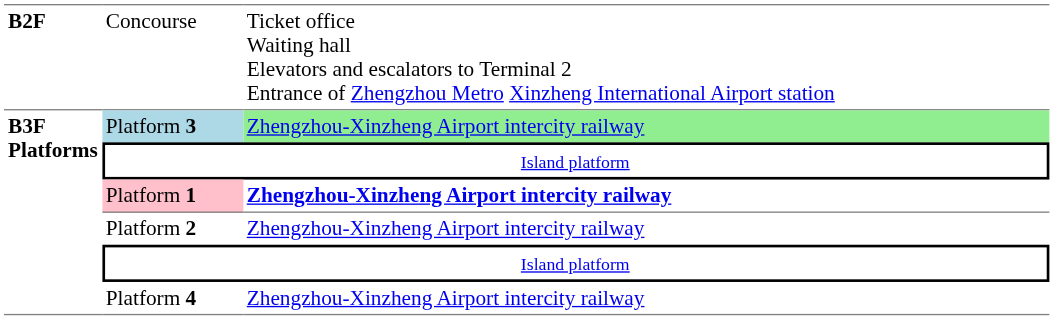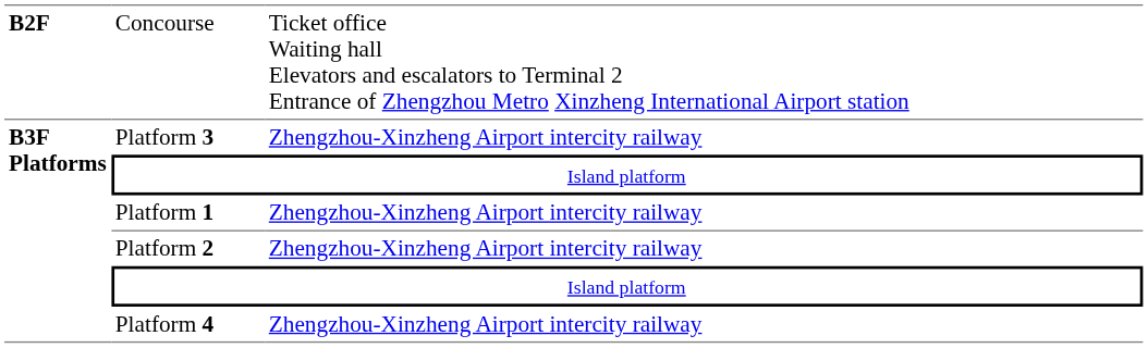 <table table border=0 cellspacing=0 cellpadding=3>
 <tr>
 <td style="border-bottom:solid 1px gray; border-top:solid 1px gray;" valign=top width=50><strong>B2F</strong></td>
 <td style="border-bottom:solid 1px gray; border-top:solid 1px gray;" valign=top width=100>Concourse<br></td>
 <td style="border-bottom:solid 1px gray; border-top:solid 1px gray;" valign=top width=600>Ticket office<br>Waiting hall<br>Elevators and escalators to Terminal 2<br>Entrance of <a href='#'>Zhengzhou Metro</a> <a href='#'>Xinzheng International Airport station</a></td>
 </tr>
 <tr>
 <td style="border-bottom:solid 1px gray;" rowspan="6" valign=top><strong>B3F<br>Platforms</strong></td>
-<td style="background: lightblue;">Platform <strong>3</strong></td>
-<td style="background: lightgreen;"> <a href='#'>Zhengzhou-Xinzheng Airport intercity railway</a></td>
+<td>Platform <strong>3</strong></td>
+<td> <a href='#'>Zhengzhou-Xinzheng Airport intercity railway</a></td>
 </tr>
 <tr>
 <td style="border-right:solid 2px black;border-left:solid 2px black;border-top:solid 2px black;border-bottom:solid 2px black;text-align:center;" colspan=2><small><a href='#'>Island platform</a></small></td>
 </tr>
 <tr>
-<td style="background: pink; border-bottom:solid 1px gray;">Platform <strong>1</strong></td>
-<td style="border-bottom:solid 1px gray;"><strong> <a href='#'>Zhengzhou-Xinzheng Airport intercity railway</a></strong></td>
+<td style="border-bottom:solid 1px gray;">Platform <strong>1</strong></td>
+<td style="border-bottom:solid 1px gray;"> <a href='#'>Zhengzhou-Xinzheng Airport intercity railway</a></td>
 </tr>
 <tr>
 <td>Platform <strong>2</strong></td>
 <td> <a href='#'>Zhengzhou-Xinzheng Airport intercity railway</a></td>
 </tr>
 <tr>
 <td style="border-right:solid 2px black;border-left:solid 2px black;border-top:solid 2px black;border-bottom:solid 2px black;text-align:center;" colspan=2><small><a href='#'>Island platform</a></small></td>
 </tr>
 <tr>
 <td style="border-bottom:solid 1px gray;">Platform <strong>4</strong></td>
 <td style="border-bottom:solid 1px gray;"> <a href='#'>Zhengzhou-Xinzheng Airport intercity railway</a></td>
 </tr>
 </table>
